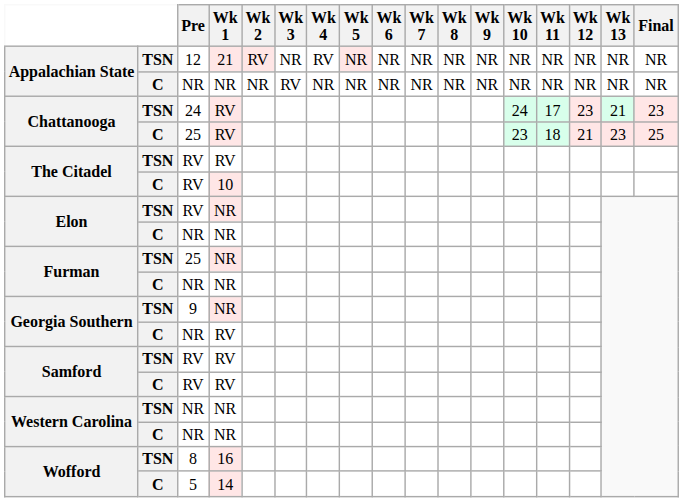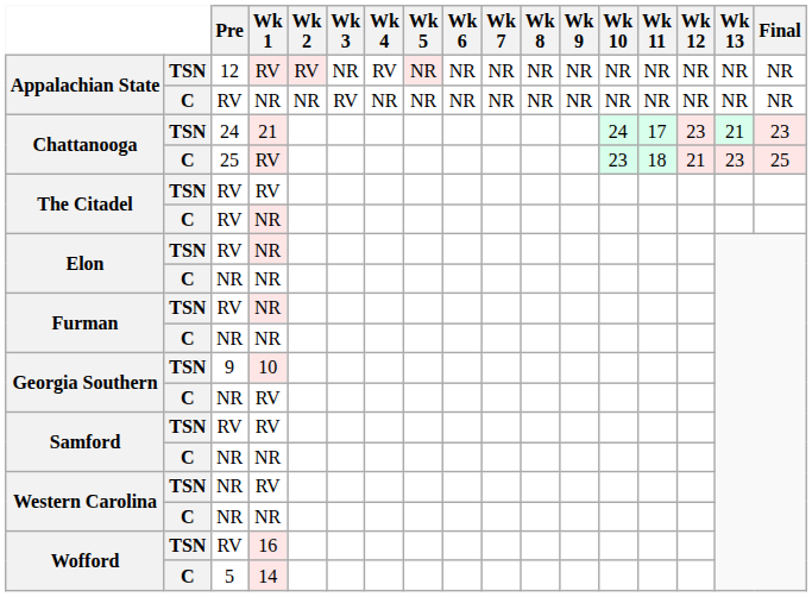 <table class="wikitable" style="white-space:nowrap;font-size:70%;">
 <tr>
 <th colspan=2 style="background:white; border-top-style:hidden; border-left-style:hidden;"> </th>
 <th>Pre</th>
 <th>Wk<br>1</th>
 <th>Wk<br>2</th>
 <th>Wk<br>3</th>
 <th>Wk<br>4</th>
 <th>Wk<br>5</th>
 <th>Wk<br>6</th>
 <th>Wk<br>7</th>
 <th>Wk<br>8</th>
 <th>Wk<br>9</th>
 <th>Wk<br>10</th>
 <th>Wk<br>11</th>
 <th>Wk<br>12</th>
 <th>Wk<br>13</th>
 <th>Final</th>
 </tr>
 <tr style="text-align:center;">
 <th rowspan=2>Appalachian State</th>
 <th>TSN</th>
 <td style="background:#FFF;">12</td>
-<td style="background:#FFE6E6;">21</td>
+<td style="background:#FFE6E6;">RV</td>
 <td style="background:#FFE6E6;">RV</td>
 <td style="background:#FFF;">NR</td>
 <td style="background:#FFF;">RV</td>
 <td style="background:#FFE6E6;">NR</td>
 <td style="background:#FFF;">NR</td>
 <td style="background:#FFF;">NR</td>
 <td style="background:#FFF;">NR</td>
 <td style="background:#FFF;">NR</td>
 <td style="background:#FFF;">NR</td>
 <td style="background:#FFF;">NR</td>
 <td style="background:#FFF;">NR</td>
 <td style="background:#FFF;">NR</td>
 <td style="background:#FFF;">NR</td>
 </tr>
 <tr style="text-align:center;">
 <th>C</th>
-<td style="background:#FFF;">NR</td>
+<td style="background:#FFF;">RV</td>
 <td style="background:#FFF;">NR</td>
 <td style="background:#FFF;">NR</td>
 <td style="background:#FFF;">RV</td>
 <td style="background:#FFF;">NR</td>
 <td style="background:#FFF;">NR</td>
 <td style="background:#FFF;">NR</td>
 <td style="background:#FFF;">NR</td>
 <td style="background:#FFF;">NR</td>
 <td style="background:#FFF;">NR</td>
 <td style="background:#FFF;">NR</td>
 <td style="background:#FFF;">NR</td>
 <td style="background:#FFF;">NR</td>
 <td style="background:#FFF;">NR</td>
 <td style="background:#FFF;">NR</td>
 </tr>
 <tr style="text-align:center;">
 <th rowspan=2>Chattanooga</th>
 <th>TSN</th>
 <td style="background:#FFF;">24</td>
-<td style="background:#FFE6E6;">RV</td>
+<td style="background:#FFE6E6;">21</td>
 <td style="background:#FFF;"></td>
 <td style="background:#FFF;"></td>
 <td style="background:#FFF;"></td>
 <td style="background:#FFF;"></td>
 <td style="background:#FFF;"></td>
 <td style="background:#FFF;"></td>
 <td style="background:#FFF;"></td>
 <td style="background:#FFF;"></td>
 <td style="background:#D8FFEB;">24</td>
 <td style="background:#D8FFEB;">17</td>
 <td style="background:#FFE6E6;">23</td>
 <td style="background:#D8FFEB;">21</td>
 <td style="background:#FFE6E6;">23</td>
 </tr>
 <tr style="text-align:center;">
 <th>C</th>
 <td style="background:#FFF;">25</td>
 <td style="background:#FFE6E6;">RV</td>
 <td style="background:#FFF;"></td>
 <td style="background:#FFF;"></td>
 <td style="background:#FFF;"></td>
 <td style="background:#FFF;"></td>
 <td style="background:#FFF;"></td>
 <td style="background:#FFF;"></td>
 <td style="background:#FFF;"></td>
 <td style="background:#FFF;"></td>
 <td style="background:#D8FFEB;">23</td>
 <td style="background:#D8FFEB;">18</td>
 <td style="background:#FFE6E6;">21</td>
 <td style="background:#FFE6E6;">23</td>
 <td style="background:#FFE6E6;">25</td>
 </tr>
 <tr style="text-align:center;">
 <th rowspan=2>The Citadel</th>
 <th>TSN</th>
 <td style="background:#FFF;">RV</td>
 <td style="background:#FFF;">RV</td>
 <td style="background:#FFF;"></td>
 <td style="background:#FFF;"></td>
 <td style="background:#FFF;"></td>
 <td style="background:#FFF;"></td>
 <td style="background:#FFF;"></td>
 <td style="background:#FFF;"></td>
 <td style="background:#FFF;"></td>
 <td style="background:#FFF;"></td>
 <td style="background:#FFF;"></td>
 <td style="background:#FFF;"></td>
 <td style="background:#FFF;"></td>
 <td style="background:#FFF;"></td>
 <td style="background:#FFF;"></td>
 </tr>
 <tr style="text-align:center;">
 <th>C</th>
 <td style="background:#FFF;">RV</td>
-<td style="background:#FFE6E6;">10</td>
+<td style="background:#FFE6E6;">NR</td>
 <td style="background:#FFF;"></td>
 <td style="background:#FFF;"></td>
 <td style="background:#FFF;"></td>
 <td style="background:#FFF;"></td>
 <td style="background:#FFF;"></td>
 <td style="background:#FFF;"></td>
 <td style="background:#FFF;"></td>
 <td style="background:#FFF;"></td>
 <td style="background:#FFF;"></td>
 <td style="background:#FFF;"></td>
 <td style="background:#FFF;"></td>
 <td style="background:#FFF;"></td>
 <td style="background:#FFF;"></td>
 </tr>
 <tr style="text-align:center;">
 <th rowspan=2>Elon</th>
 <th>TSN</th>
 <td style="background:#FFF;">RV</td>
 <td style="background:#FFE6E6;">NR</td>
 <td style="background:#FFF;"></td>
 <td style="background:#FFF;"></td>
 <td style="background:#FFF;"></td>
 <td style="background:#FFF;"></td>
 <td style="background:#FFF;"></td>
 <td style="background:#FFF;"></td>
 <td style="background:#FFF;"></td>
 <td style="background:#FFF;"></td>
 <td style="background:#FFF;"></td>
 <td style="background:#FFF;"></td>
 <td style="background:#FFF;"></td>
 </tr>
 <tr style="text-align:center;">
 <th>C</th>
 <td style="background:#FFF;">NR</td>
 <td style="background:#FFF;">NR</td>
 <td style="background:#FFF;"></td>
 <td style="background:#FFF;"></td>
 <td style="background:#FFF;"></td>
 <td style="background:#FFF;"></td>
 <td style="background:#FFF;"></td>
 <td style="background:#FFF;"></td>
 <td style="background:#FFF;"></td>
 <td style="background:#FFF;"></td>
 <td style="background:#FFF;"></td>
 <td style="background:#FFF;"></td>
 <td style="background:#FFF;"></td>
 </tr>
 <tr style="text-align:center;">
 <th rowspan=2>Furman</th>
 <th>TSN</th>
-<td style="background:#FFF;">25</td>
+<td style="background:#FFF;">RV</td>
 <td style="background:#FFE6E6;">NR</td>
 <td style="background:#FFF;"></td>
 <td style="background:#FFF;"></td>
 <td style="background:#FFF;"></td>
 <td style="background:#FFF;"></td>
 <td style="background:#FFF;"></td>
 <td style="background:#FFF;"></td>
 <td style="background:#FFF;"></td>
 <td style="background:#FFF;"></td>
 <td style="background:#FFF;"></td>
 <td style="background:#FFF;"></td>
 <td style="background:#FFF;"></td>
 </tr>
 <tr style="text-align:center;">
 <th>C</th>
 <td style="background:#FFF;">NR</td>
 <td style="background:#FFF;">NR</td>
 <td style="background:#FFF;"></td>
 <td style="background:#FFF;"></td>
 <td style="background:#FFF;"></td>
 <td style="background:#FFF;"></td>
 <td style="background:#FFF;"></td>
 <td style="background:#FFF;"></td>
 <td style="background:#FFF;"></td>
 <td style="background:#FFF;"></td>
 <td style="background:#FFF;"></td>
 <td style="background:#FFF;"></td>
 <td style="background:#FFF;"></td>
 </tr>
 <tr style="text-align:center;">
 <th rowspan=2>Georgia Southern</th>
 <th>TSN</th>
 <td style="background:#FFF;">9</td>
-<td style="background:#FFE6E6;">NR</td>
+<td style="background:#FFE6E6;">10</td>
 <td style="background:#FFF;"></td>
 <td style="background:#FFF;"></td>
 <td style="background:#FFF;"></td>
 <td style="background:#FFF;"></td>
 <td style="background:#FFF;"></td>
 <td style="background:#FFF;"></td>
 <td style="background:#FFF;"></td>
 <td style="background:#FFF;"></td>
 <td style="background:#FFF;"></td>
 <td style="background:#FFF;"></td>
 <td style="background:#FFF;"></td>
 </tr>
 <tr style="text-align:center;">
 <th>C</th>
 <td style="background:#FFF;">NR</td>
 <td style="background:#FFF;">RV</td>
 <td style="background:#FFF;"></td>
 <td style="background:#FFF;"></td>
 <td style="background:#FFF;"></td>
 <td style="background:#FFF;"></td>
 <td style="background:#FFF;"></td>
 <td style="background:#FFF;"></td>
 <td style="background:#FFF;"></td>
 <td style="background:#FFF;"></td>
 <td style="background:#FFF;"></td>
 <td style="background:#FFF;"></td>
 <td style="background:#FFF;"></td>
 </tr>
 <tr style="text-align:center;">
 <th rowspan=2>Samford</th>
 <th>TSN</th>
 <td style="background:#FFF;">RV</td>
 <td style="background:#FFF;">RV</td>
 <td style="background:#FFF;"></td>
 <td style="background:#FFF;"></td>
 <td style="background:#FFF;"></td>
 <td style="background:#FFF;"></td>
 <td style="background:#FFF;"></td>
 <td style="background:#FFF;"></td>
 <td style="background:#FFF;"></td>
 <td style="background:#FFF;"></td>
 <td style="background:#FFF;"></td>
 <td style="background:#FFF;"></td>
 <td style="background:#FFF;"></td>
 </tr>
 <tr style="text-align:center;">
 <th>C</th>
-<td style="background:#FFF;">RV</td>
-<td style="background:#FFF;">RV</td>
+<td style="background:#FFF;">NR</td>
+<td style="background:#FFF;">NR</td>
 <td style="background:#FFF;"></td>
 <td style="background:#FFF;"></td>
 <td style="background:#FFF;"></td>
 <td style="background:#FFF;"></td>
 <td style="background:#FFF;"></td>
 <td style="background:#FFF;"></td>
 <td style="background:#FFF;"></td>
 <td style="background:#FFF;"></td>
 <td style="background:#FFF;"></td>
 <td style="background:#FFF;"></td>
 <td style="background:#FFF;"></td>
 </tr>
 <tr style="text-align:center;">
 <th rowspan=2>Western Carolina</th>
 <th>TSN</th>
 <td style="background:#FFF;">NR</td>
-<td style="background:#FFF;">NR</td>
+<td style="background:#FFF;">RV</td>
 <td style="background:#FFF;"></td>
 <td style="background:#FFF;"></td>
 <td style="background:#FFF;"></td>
 <td style="background:#FFF;"></td>
 <td style="background:#FFF;"></td>
 <td style="background:#FFF;"></td>
 <td style="background:#FFF;"></td>
 <td style="background:#FFF;"></td>
 <td style="background:#FFF;"></td>
 <td style="background:#FFF;"></td>
 <td style="background:#FFF;"></td>
 </tr>
 <tr style="text-align:center;">
 <th>C</th>
 <td style="background:#FFF;">NR</td>
 <td style="background:#FFF;">NR</td>
 <td style="background:#FFF;"></td>
 <td style="background:#FFF;"></td>
 <td style="background:#FFF;"></td>
 <td style="background:#FFF;"></td>
 <td style="background:#FFF;"></td>
 <td style="background:#FFF;"></td>
 <td style="background:#FFF;"></td>
 <td style="background:#FFF;"></td>
 <td style="background:#FFF;"></td>
 <td style="background:#FFF;"></td>
 <td style="background:#FFF;"></td>
 </tr>
 <tr style="text-align:center;">
 <th rowspan=2>Wofford</th>
 <th>TSN</th>
-<td style="background:#FFF;">8</td>
+<td style="background:#FFF;">RV</td>
 <td style="background:#FFE6E6;">16</td>
 <td style="background:#FFF;"></td>
 <td style="background:#FFF;"></td>
 <td style="background:#FFF;"></td>
 <td style="background:#FFF;"></td>
 <td style="background:#FFF;"></td>
 <td style="background:#FFF;"></td>
 <td style="background:#FFF;"></td>
 <td style="background:#FFF;"></td>
 <td style="background:#FFF;"></td>
 <td style="background:#FFF;"></td>
 <td style="background:#FFF;"></td>
 </tr>
 <tr style="text-align:center;">
 <th>C</th>
 <td style="background:#FFF;">5</td>
 <td style="background:#FFE6E6;">14</td>
 <td style="background:#FFF;"></td>
 <td style="background:#FFF;"></td>
 <td style="background:#FFF;"></td>
 <td style="background:#FFF;"></td>
 <td style="background:#FFF;"></td>
 <td style="background:#FFF;"></td>
 <td style="background:#FFF;"></td>
 <td style="background:#FFF;"></td>
 <td style="background:#FFF;"></td>
 <td style="background:#FFF;"></td>
 <td style="background:#FFF;"></td>
 </tr>
 </table>
